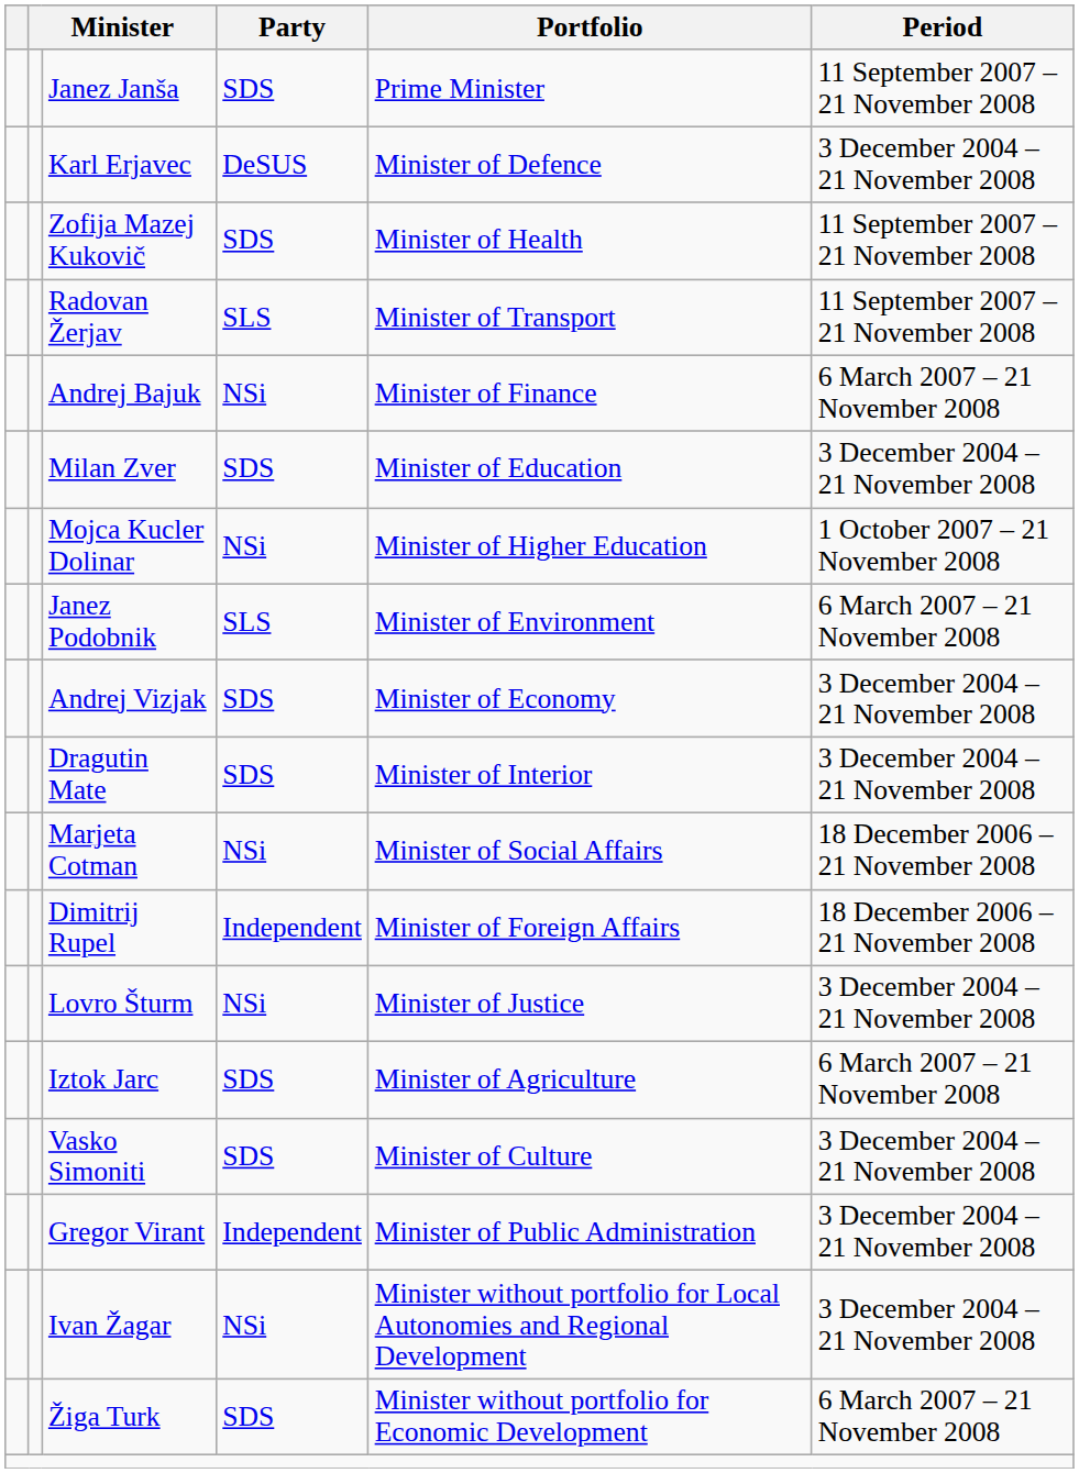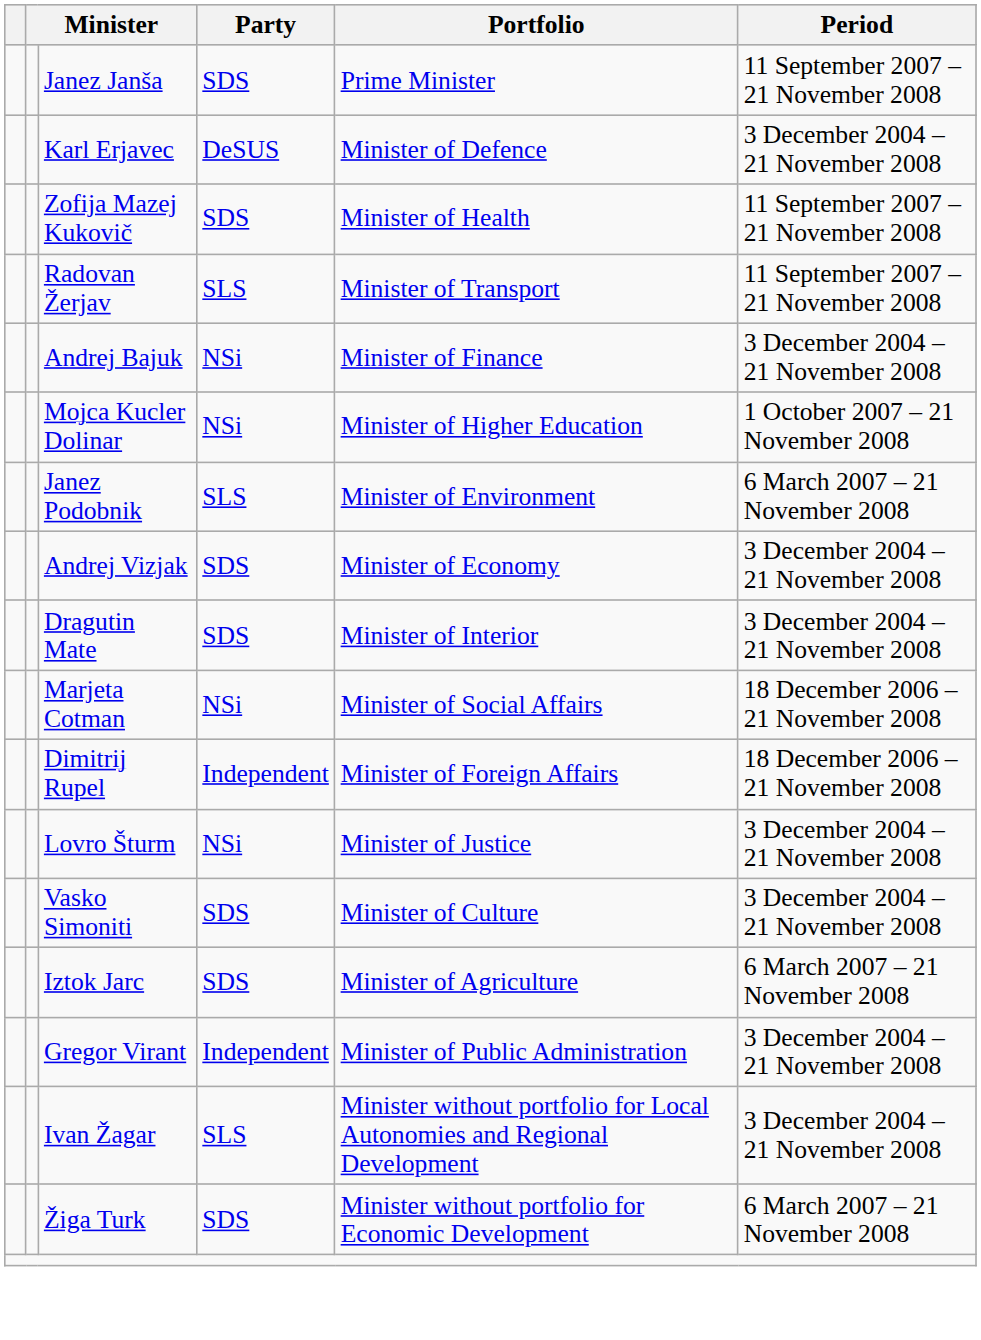 <table class="wikitable">
 <tr>
 <th colspan="1" width=6px></th>
 <th colspan="2">Minister</th>
 <th>Party</th>
 <th>Portfolio</th>
 <th>Period</th>
 </tr>
 <tr>
 <td style="background-color: "></td>
 <td></td>
 <td><a href='#'>Janez Janša</a></td>
 <td><a href='#'>SDS</a></td>
 <td><a href='#'>Prime Minister</a></td>
 <td>11 September 2007 – 21 November 2008</td>
 </tr>
 <tr>
 <td style="background-color: "></td>
 <td></td>
 <td><a href='#'>Karl Erjavec</a></td>
 <td><a href='#'>DeSUS</a></td>
 <td><a href='#'>Minister of Defence</a></td>
 <td>3 December 2004 – 21 November 2008</td>
 </tr>
 <tr>
 <td style="background-color: "></td>
 <td></td>
 <td><a href='#'>Zofija Mazej Kukovič</a></td>
 <td><a href='#'>SDS</a></td>
 <td><a href='#'>Minister of Health</a></td>
 <td>11 September 2007 – 21 November 2008</td>
 </tr>
 <tr>
 <td style="background-color: "></td>
 <td></td>
 <td><a href='#'>Radovan Žerjav</a></td>
 <td><a href='#'>SLS</a></td>
 <td><a href='#'>Minister of Transport</a></td>
 <td>11 September 2007 – 21 November 2008</td>
 </tr>
 <tr>
 <td style="background-color: "></td>
 <td></td>
 <td><a href='#'>Andrej Bajuk</a></td>
 <td><a href='#'>NSi</a></td>
 <td><a href='#'>Minister of Finance</a></td>
-<td>6 March 2007 – 21 November 2008</td>
-</tr>
-<tr>
-<td style="background-color: "></td>
-<td></td>
-<td><a href='#'>Milan Zver</a></td>
-<td><a href='#'>SDS</a></td>
-<td><a href='#'>Minister of Education</a></td>
 <td>3 December 2004 – 21 November 2008</td>
 </tr>
 <tr>
 <td style="background-color: "></td>
 <td></td>
 <td><a href='#'>Mojca Kucler Dolinar</a></td>
 <td><a href='#'>NSi</a></td>
 <td><a href='#'>Minister of Higher Education</a></td>
 <td>1 October 2007 – 21 November 2008</td>
 </tr>
 <tr>
 <td style="background-color: "></td>
 <td></td>
 <td><a href='#'>Janez Podobnik</a></td>
 <td><a href='#'>SLS</a></td>
 <td><a href='#'>Minister of Environment</a></td>
 <td>6 March 2007 – 21 November 2008</td>
 </tr>
 <tr>
 <td style="background-color: "></td>
 <td></td>
 <td><a href='#'>Andrej Vizjak</a></td>
 <td><a href='#'>SDS</a></td>
 <td><a href='#'>Minister of Economy</a></td>
 <td>3 December 2004 – 21 November 2008</td>
 </tr>
 <tr>
 <td style="background-color: "></td>
 <td></td>
 <td><a href='#'>Dragutin Mate</a></td>
 <td><a href='#'>SDS</a></td>
 <td><a href='#'>Minister of Interior</a></td>
 <td>3 December 2004 – 21 November 2008</td>
 </tr>
 <tr>
 <td style="background-color: "></td>
 <td></td>
 <td><a href='#'>Marjeta Cotman</a></td>
 <td><a href='#'>NSi</a></td>
 <td><a href='#'>Minister of Social Affairs</a></td>
 <td>18 December 2006 – 21 November 2008</td>
 </tr>
 <tr>
 <td style="background-color: "></td>
 <td></td>
 <td><a href='#'>Dimitrij Rupel</a></td>
 <td><a href='#'>Independent</a></td>
 <td><a href='#'>Minister of Foreign Affairs</a></td>
 <td>18 December 2006 – 21 November 2008</td>
 </tr>
 <tr>
 <td style="background-color: "></td>
 <td></td>
 <td><a href='#'>Lovro Šturm</a></td>
 <td><a href='#'>NSi</a></td>
 <td><a href='#'>Minister of Justice</a></td>
 <td>3 December 2004 – 21 November 2008</td>
 </tr>
 <tr>
 <td style="background-color: "></td>
 <td></td>
+<td><a href='#'>Vasko Simoniti</a></td>
+<td><a href='#'>SDS</a></td>
+<td><a href='#'>Minister of Culture</a></td>
+<td>3 December 2004 – 21 November 2008</td>
+</tr>
+<tr>
+<td style="background-color: "></td>
+<td></td>
 <td><a href='#'>Iztok Jarc</a></td>
 <td><a href='#'>SDS</a></td>
 <td><a href='#'>Minister of Agriculture</a></td>
 <td>6 March 2007 – 21 November 2008</td>
-</tr>
-<tr>
-<td style="background-color: "></td>
-<td></td>
-<td><a href='#'>Vasko Simoniti</a></td>
-<td><a href='#'>SDS</a></td>
-<td><a href='#'>Minister of Culture</a></td>
-<td>3 December 2004 – 21 November 2008</td>
 </tr>
 <tr>
 <td style="background-color: "></td>
 <td></td>
 <td><a href='#'>Gregor Virant</a></td>
 <td><a href='#'>Independent</a></td>
 <td><a href='#'>Minister of Public Administration</a></td>
 <td>3 December 2004 – 21 November 2008</td>
 </tr>
 <tr>
 <td style="background-color: "></td>
 <td></td>
 <td><a href='#'>Ivan Žagar</a></td>
-<td><a href='#'>NSi</a></td>
+<td><a href='#'>SLS</a></td>
 <td><a href='#'>Minister without portfolio for Local Autonomies and Regional Development</a></td>
 <td>3 December 2004 – 21 November 2008</td>
 </tr>
 <tr>
 <td style="background-color: "></td>
 <td></td>
 <td><a href='#'>Žiga Turk</a></td>
 <td><a href='#'>SDS</a></td>
 <td><a href='#'>Minister without portfolio for Economic Development</a></td>
 <td>6 March 2007 – 21 November 2008</td>
 </tr>
 <tr>
 <td colspan=6></td>
 </tr>
 </table>
